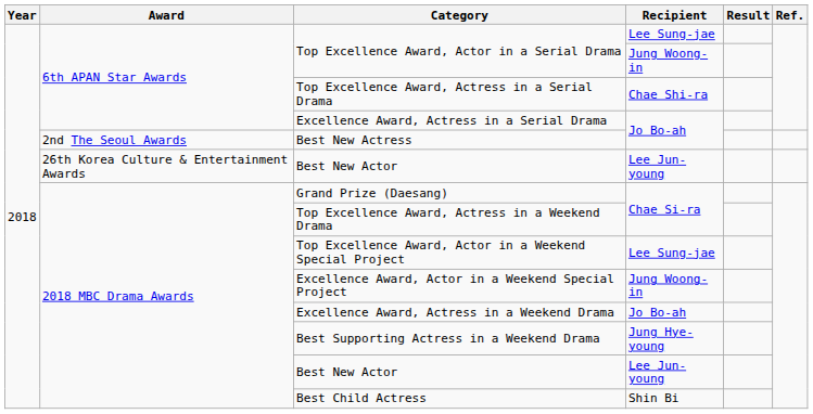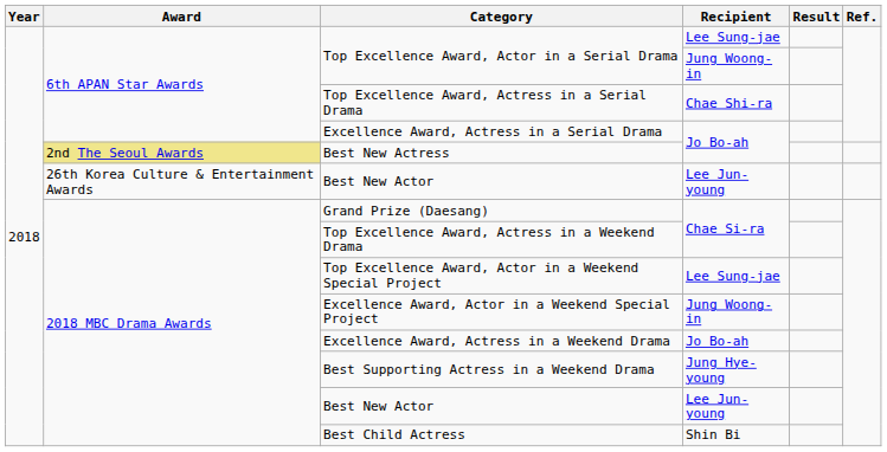 <table class="wikitable">
 <tr>
 <th>Year</th>
 <th>Award</th>
 <th>Category</th>
 <th>Recipient</th>
 <th>Result</th>
 <th>Ref.</th>
 </tr>
 <tr>
 <td rowspan=14>2018</td>
 <td rowspan=4><a href='#'>6th APAN Star Awards</a></td>
 <td rowspan=2>Top Excellence Award, Actor in a Serial Drama</td>
 <td><a href='#'>Lee Sung-jae</a></td>
 <td></td>
 <td rowspan=4></td>
 </tr>
 <tr>
 <td><a href='#'>Jung Woong-in</a></td>
 <td></td>
 </tr>
 <tr>
 <td>Top Excellence Award, Actress in a Serial Drama</td>
 <td><a href='#'>Chae Shi-ra</a></td>
 <td></td>
 </tr>
 <tr>
 <td>Excellence Award, Actress in a Serial Drama</td>
 <td rowspan=2><a href='#'>Jo Bo-ah</a></td>
 <td></td>
 </tr>
 <tr>
-<td>2nd <a href='#'>The Seoul Awards</a></td>
+<td style="background: khaki;">2nd <a href='#'>The Seoul Awards</a></td>
 <td>Best New Actress</td>
 <td></td>
 <td></td>
 </tr>
 <tr>
 <td>26th Korea Culture & Entertainment Awards</td>
 <td>Best New Actor</td>
 <td><a href='#'>Lee Jun-young</a></td>
 <td></td>
 <td></td>
 </tr>
 <tr>
 <td rowspan=8><a href='#'>2018 MBC Drama Awards</a></td>
 <td>Grand Prize (Daesang)</td>
 <td rowspan=2><a href='#'>Chae Si-ra</a></td>
 <td></td>
 <td rowspan=8></td>
 </tr>
 <tr>
 <td>Top Excellence Award, Actress in a Weekend Drama</td>
 <td></td>
 </tr>
 <tr>
 <td>Top Excellence Award, Actor in a Weekend Special Project</td>
 <td><a href='#'>Lee Sung-jae</a></td>
 <td></td>
 </tr>
 <tr>
 <td>Excellence Award, Actor in a Weekend Special Project</td>
 <td><a href='#'>Jung Woong-in</a></td>
 <td></td>
 </tr>
 <tr>
 <td>Excellence Award, Actress in a Weekend Drama</td>
 <td><a href='#'>Jo Bo-ah</a></td>
 <td></td>
 </tr>
 <tr>
 <td>Best Supporting Actress in a Weekend Drama</td>
 <td><a href='#'>Jung Hye-young</a></td>
 <td></td>
 </tr>
 <tr>
 <td>Best New Actor</td>
 <td><a href='#'>Lee Jun-young</a></td>
 <td></td>
 </tr>
 <tr>
 <td>Best Child Actress</td>
 <td>Shin Bi</td>
 <td></td>
 </tr>
 </table>
